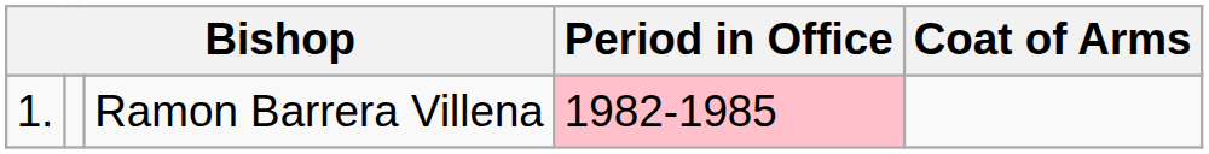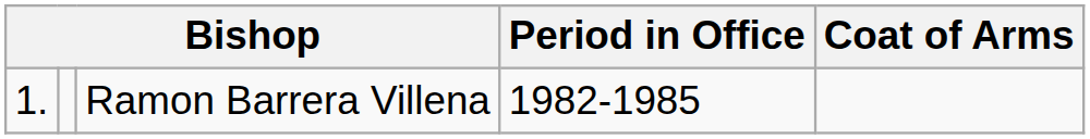 <table class="wikitable">
 <tr>
 <th colspan="3">Bishop</th>
 <th>Period in Office</th>
 <th>Coat of Arms</th>
 </tr>
 <tr>
 <td>1.</td>
 <td></td>
 <td>Ramon Barrera Villena</td>
-<td style="background: pink;">1982-1985</td>
+<td>1982-1985</td>
 <td></td>
 </tr>
 </table>
